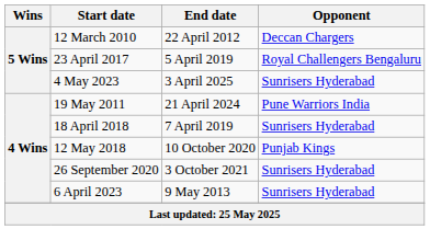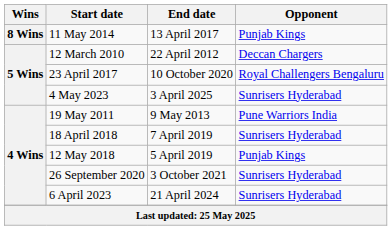 <table class="wikitable sortable" style="text-align:left;font-size:96%;">
 <tr>
 <th>Wins</th>
 <th>Start date</th>
 <th>End date</th>
 <th>Opponent</th>
+</tr>
+<tr>
+<th>8 Wins</th>
+<td>11 May 2014</td>
+<td>13 April 2017</td>
+<td><a href='#'>Punjab Kings</a></td>
 </tr>
 <tr>
 <th scope=row style=text-align:center; rowspan=3>5 Wins</th>
 <td>12 March 2010</td>
 <td>22 April 2012</td>
 <td><a href='#'>Deccan Chargers</a></td>
 </tr>
 <tr>
 <td>23 April 2017</td>
-<td>5 April 2019</td>
+<td>10 October 2020</td>
 <td><a href='#'>Royal Challengers Bengaluru</a></td>
 </tr>
 <tr>
 <td>4 May 2023</td>
 <td>3 April 2025</td>
 <td><a href='#'>Sunrisers Hyderabad</a></td>
 </tr>
 <tr>
 <th scope=row style=text-align:center; rowspan=5>4 Wins</th>
 <td>19 May 2011</td>
-<td>21 April 2024</td>
+<td>9 May 2013</td>
 <td><a href='#'>Pune Warriors India</a></td>
 </tr>
 <tr>
 <td>18 April 2018</td>
 <td>7 April 2019</td>
 <td><a href='#'>Sunrisers Hyderabad</a></td>
 </tr>
 <tr>
 <td>12 May 2018</td>
-<td>10 October 2020</td>
+<td>5 April 2019</td>
 <td><a href='#'>Punjab Kings</a></td>
 </tr>
 <tr>
 <td>26 September 2020</td>
 <td>3 October 2021</td>
 <td><a href='#'>Sunrisers Hyderabad</a></td>
 </tr>
 <tr>
 <td>6 April 2023</td>
-<td>9 May 2013</td>
+<td>21 April 2024</td>
 <td><a href='#'>Sunrisers Hyderabad</a></td>
 </tr>
 <tr>
 </tr>
 <tr class="sortbottom">
 <th colspan="4"><small>Last updated: 25 May 2025</small></th>
 </tr>
 </table>
